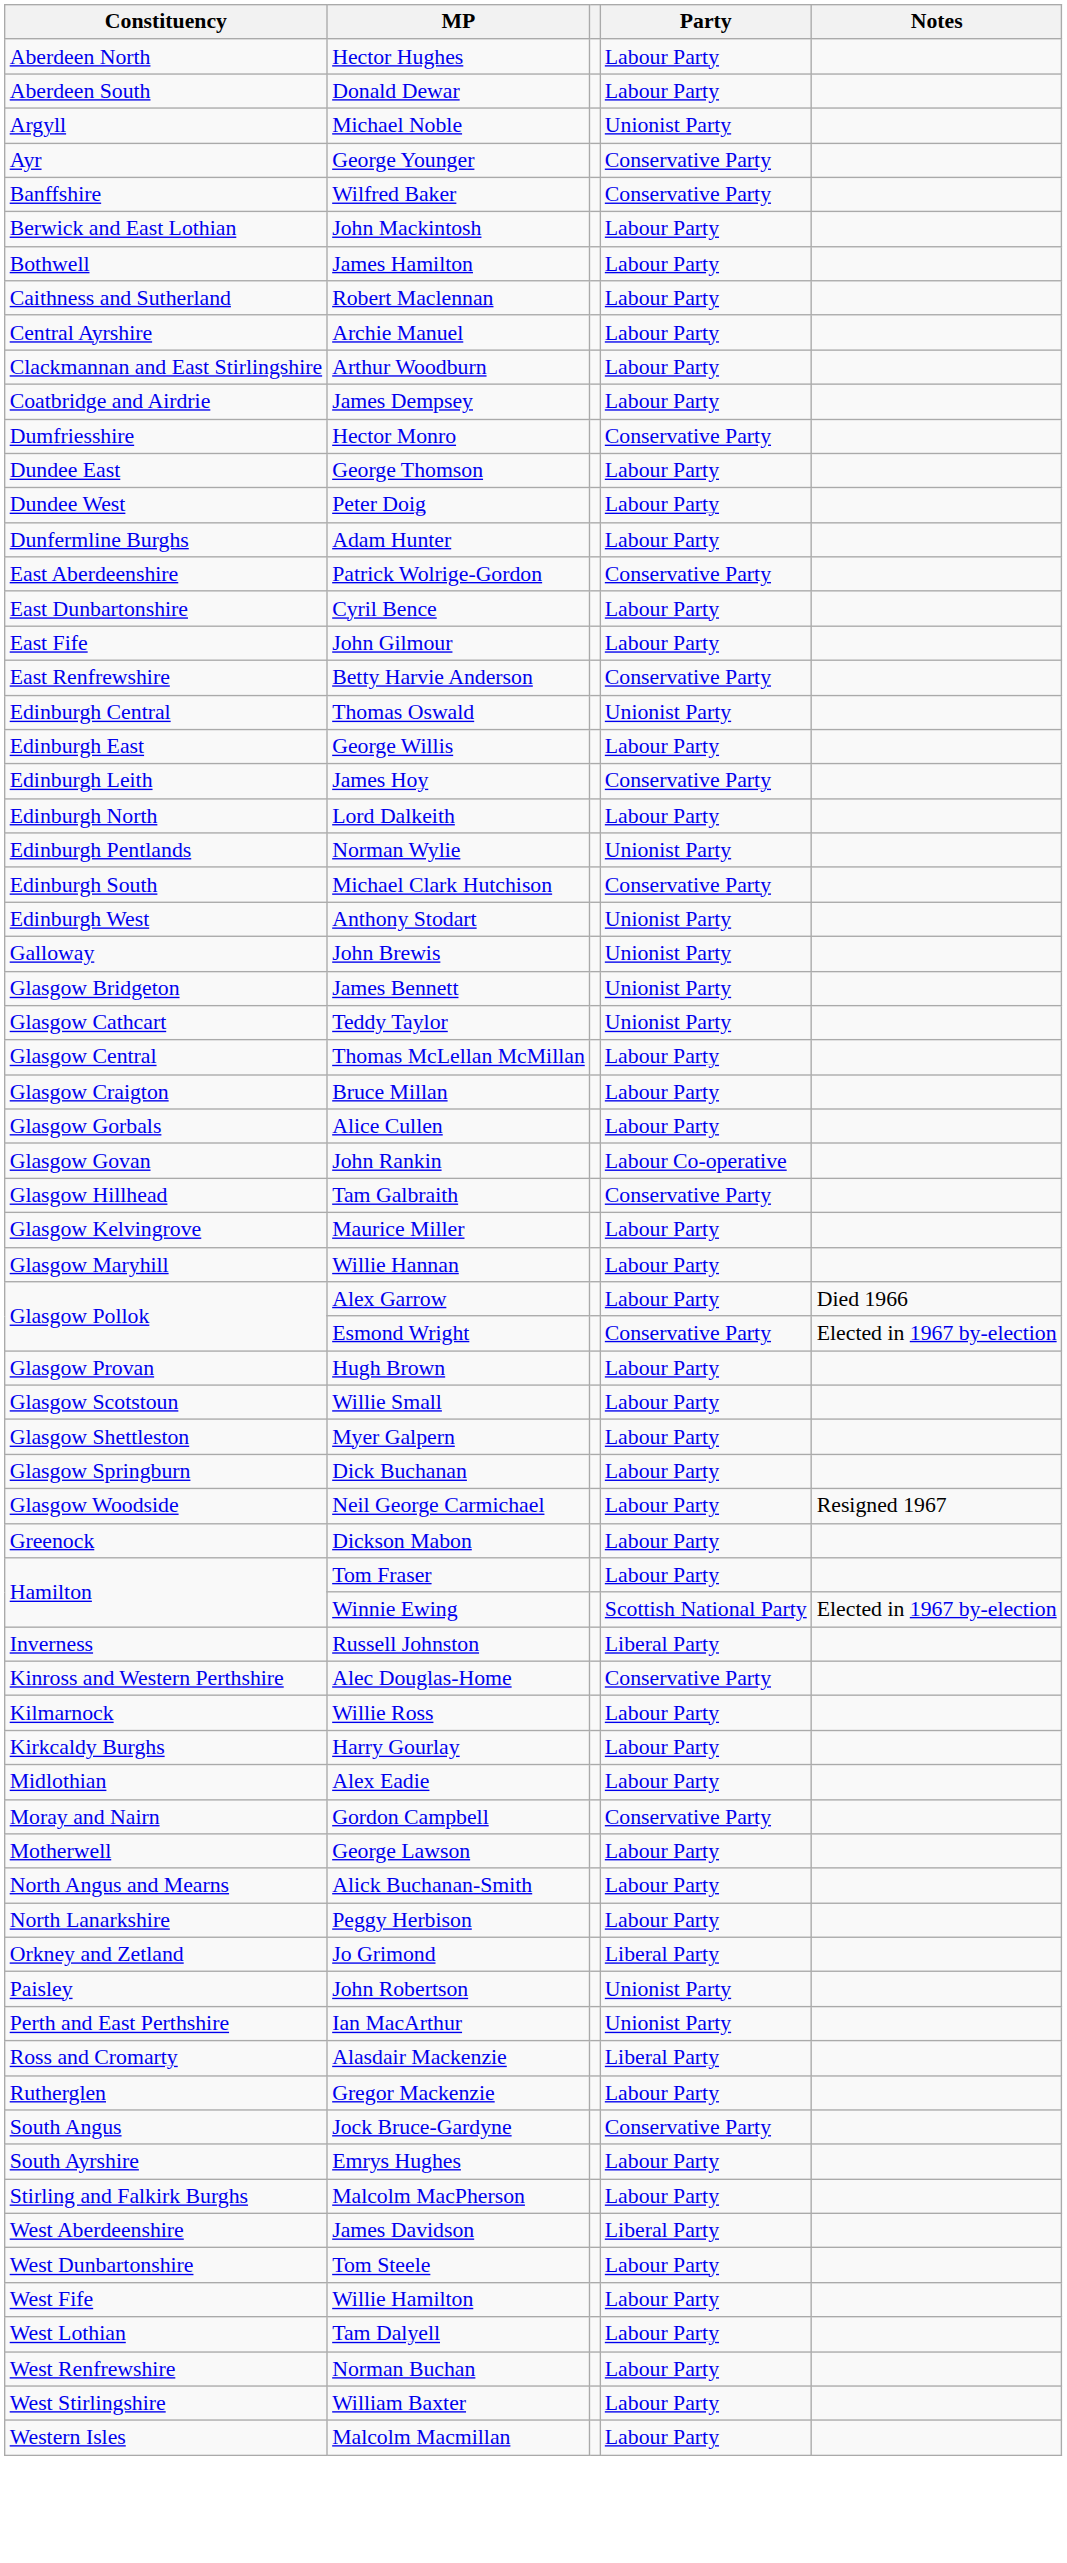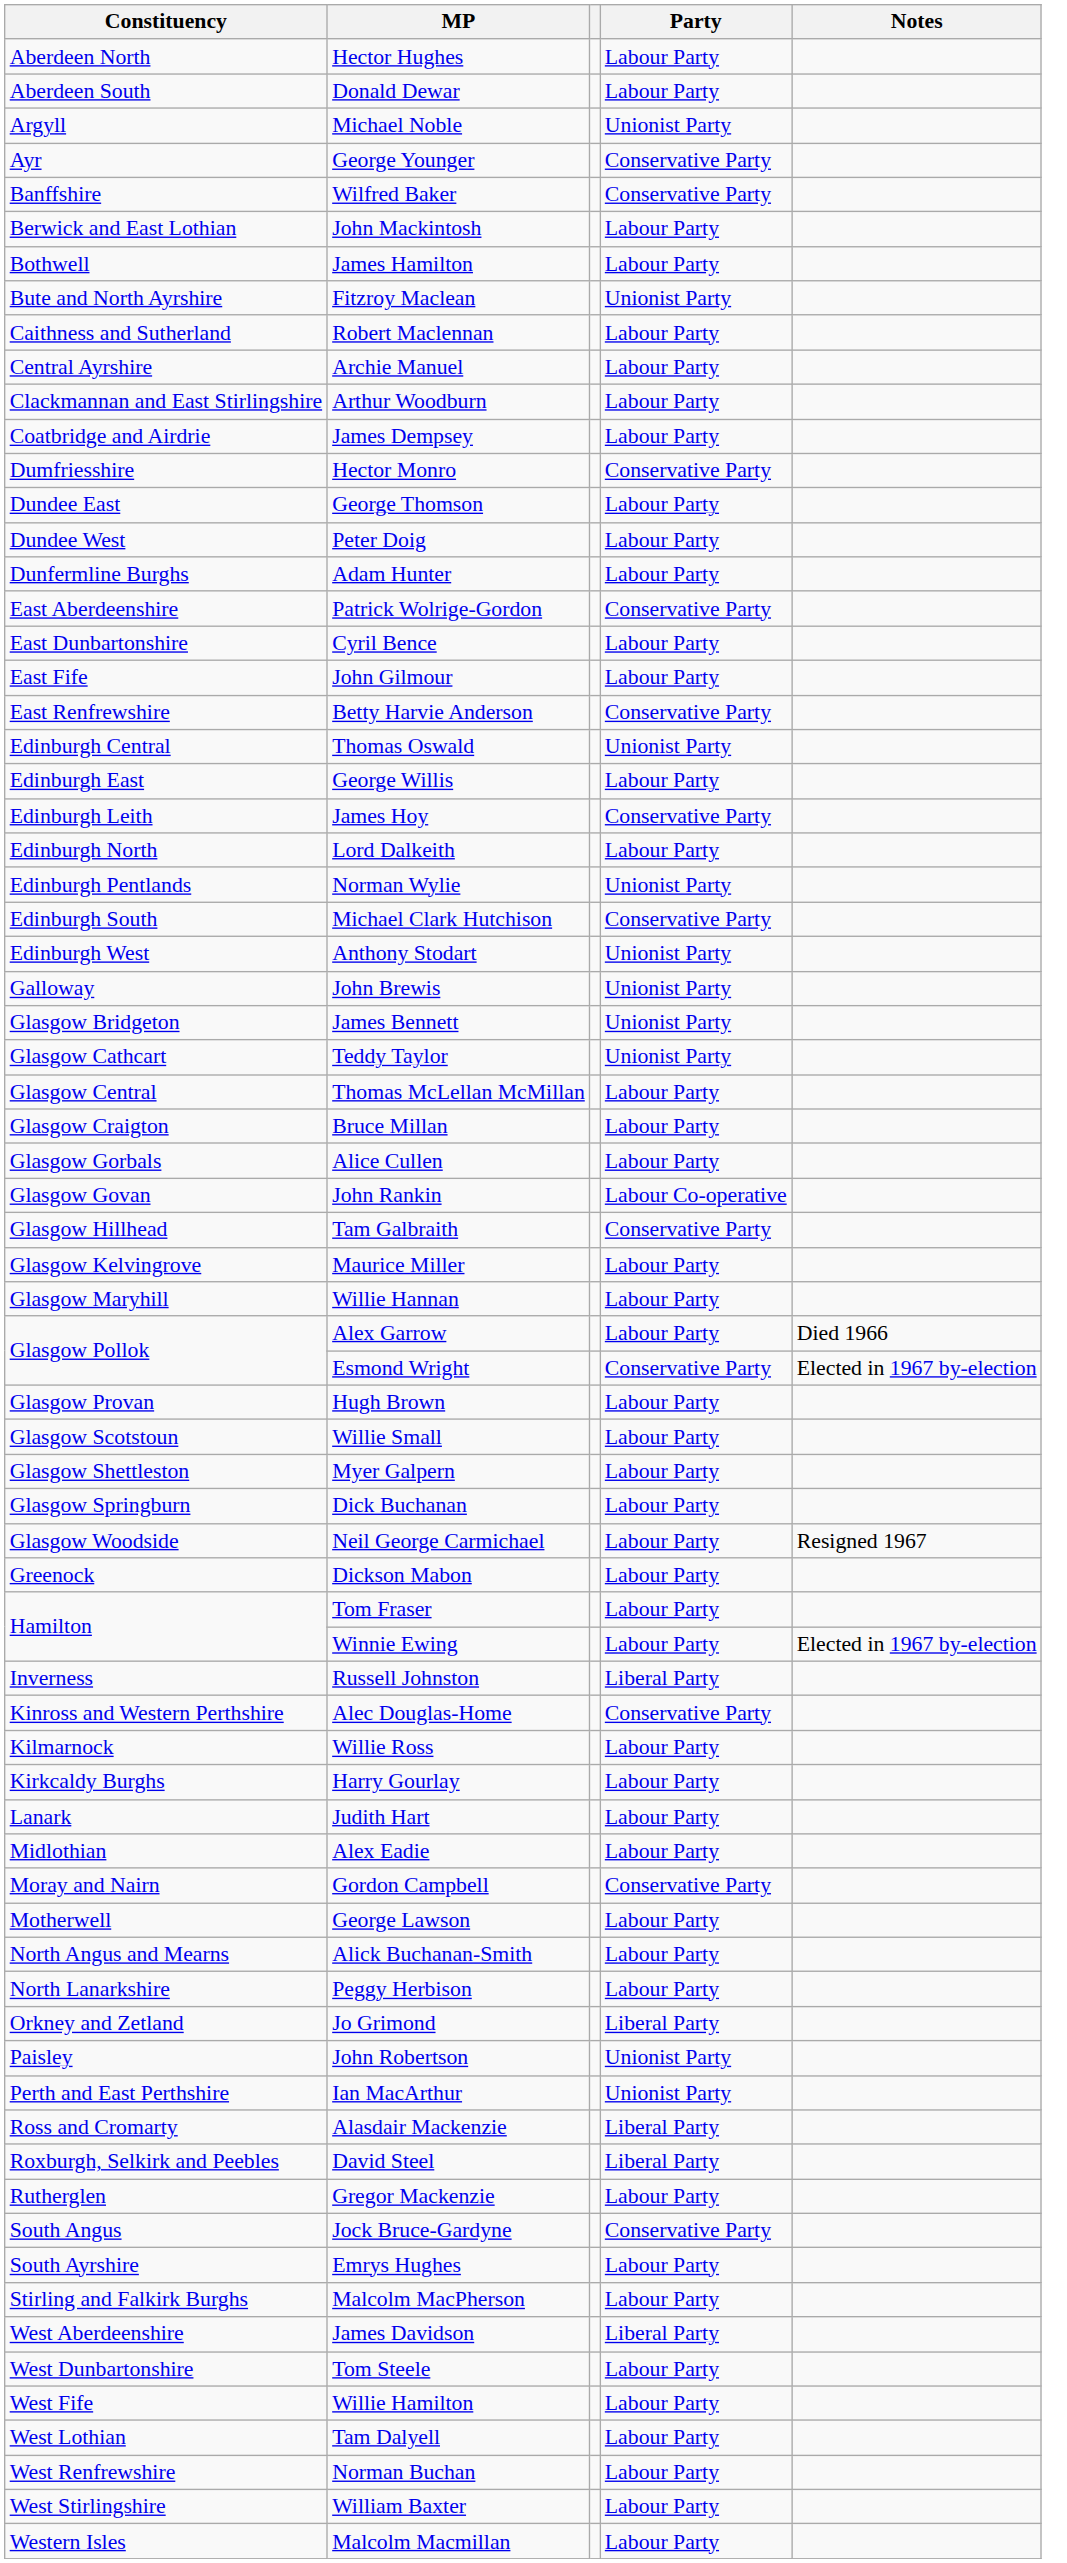 <table class="wikitable sortable">
 <tr>
 <th>Constituency</th>
 <th>MP</th>
 <th></th>
 <th>Party</th>
 <th>Notes</th>
 </tr>
 <tr>
 <td><a href='#'>Aberdeen North</a></td>
 <td><a href='#'>Hector Hughes</a></td>
 <td style="color:inherit;background:"></td>
 <td><a href='#'>Labour Party</a></td>
 <td></td>
 </tr>
 <tr>
 <td><a href='#'>Aberdeen South</a></td>
 <td><a href='#'>Donald Dewar</a></td>
 <td style="color:inherit;background:"></td>
 <td><a href='#'>Labour Party</a></td>
 <td></td>
 </tr>
 <tr>
 <td><a href='#'>Argyll</a></td>
 <td><a href='#'>Michael Noble</a></td>
 <td style="color:inherit;background-color: "></td>
 <td><a href='#'>Unionist Party</a></td>
 <td></td>
 </tr>
 <tr>
 <td><a href='#'>Ayr</a></td>
 <td><a href='#'>George Younger</a></td>
 <td style="color:inherit;background:"></td>
 <td><a href='#'>Conservative Party</a></td>
 <td></td>
 </tr>
 <tr>
 <td><a href='#'>Banffshire</a></td>
 <td><a href='#'>Wilfred Baker</a></td>
 <td style="color:inherit;background:"></td>
 <td><a href='#'>Conservative Party</a></td>
 <td></td>
 </tr>
 <tr>
 <td><a href='#'>Berwick and East Lothian</a></td>
 <td><a href='#'>John Mackintosh</a></td>
 <td style="color:inherit;background:"></td>
 <td><a href='#'>Labour Party</a></td>
 <td></td>
 </tr>
 <tr>
 <td><a href='#'>Bothwell</a></td>
 <td><a href='#'>James Hamilton</a></td>
 <td style="color:inherit;background:"></td>
 <td><a href='#'>Labour Party</a></td>
+<td></td>
+</tr>
+<tr>
+<td><a href='#'>Bute and North Ayrshire</a></td>
+<td><a href='#'>Fitzroy Maclean</a></td>
+<td style="color:inherit;background-color: "></td>
+<td><a href='#'>Unionist Party</a></td>
 <td></td>
 </tr>
 <tr>
 <td><a href='#'>Caithness and Sutherland</a></td>
 <td><a href='#'>Robert Maclennan</a></td>
 <td style="color:inherit;background:"></td>
 <td><a href='#'>Labour Party</a></td>
 <td></td>
 </tr>
 <tr>
 <td><a href='#'>Central Ayrshire</a></td>
 <td><a href='#'>Archie Manuel</a></td>
 <td style="color:inherit;background:"></td>
 <td><a href='#'>Labour Party</a></td>
 </tr>
 <tr>
 <td><a href='#'>Clackmannan and East Stirlingshire</a></td>
 <td><a href='#'>Arthur Woodburn</a></td>
 <td style="color:inherit;background:"></td>
 <td><a href='#'>Labour Party</a></td>
 <td></td>
 </tr>
 <tr>
 <td><a href='#'>Coatbridge and Airdrie</a></td>
 <td><a href='#'>James Dempsey</a></td>
 <td style="color:inherit;background:"></td>
 <td><a href='#'>Labour Party</a></td>
 <td></td>
 </tr>
 <tr>
 <td><a href='#'>Dumfriesshire</a></td>
 <td><a href='#'>Hector Monro</a></td>
 <td style="color:inherit;background:"></td>
 <td><a href='#'>Conservative Party</a></td>
 <td></td>
 </tr>
 <tr>
 <td><a href='#'>Dundee East</a></td>
 <td><a href='#'>George Thomson</a></td>
 <td style="color:inherit;background:"></td>
 <td><a href='#'>Labour Party</a></td>
 <td></td>
 </tr>
 <tr>
 <td><a href='#'>Dundee West</a></td>
 <td><a href='#'>Peter Doig</a></td>
 <td style="color:inherit;background:"></td>
 <td><a href='#'>Labour Party</a></td>
 <td></td>
 </tr>
 <tr>
 <td><a href='#'>Dunfermline Burghs</a></td>
 <td><a href='#'>Adam Hunter</a></td>
 <td style="color:inherit;background:"></td>
 <td><a href='#'>Labour Party</a></td>
 <td></td>
 </tr>
 <tr>
 <td><a href='#'>East Aberdeenshire</a></td>
 <td><a href='#'>Patrick Wolrige-Gordon</a></td>
 <td style="color:inherit;background:"></td>
 <td><a href='#'>Conservative Party</a></td>
 <td></td>
 </tr>
 <tr>
 <td><a href='#'>East Dunbartonshire</a></td>
 <td><a href='#'>Cyril Bence</a></td>
 <td style="color:inherit;background:"></td>
 <td><a href='#'>Labour Party</a></td>
 <td></td>
 </tr>
 <tr>
 <td><a href='#'>East Fife</a></td>
 <td><a href='#'>John Gilmour</a></td>
 <td style="color:inherit;background-color: "></td>
 <td><a href='#'>Labour Party</a></td>
 <td></td>
 </tr>
 <tr>
 <td><a href='#'>East Renfrewshire</a></td>
 <td><a href='#'>Betty Harvie Anderson</a></td>
 <td style="color:inherit;background:"></td>
 <td><a href='#'>Conservative Party</a></td>
 <td></td>
 </tr>
 <tr>
 <td><a href='#'>Edinburgh Central</a></td>
 <td><a href='#'>Thomas Oswald</a></td>
 <td style="color:inherit;background:"></td>
 <td><a href='#'>Unionist Party</a></td>
 <td></td>
 </tr>
 <tr>
 <td><a href='#'>Edinburgh East</a></td>
 <td><a href='#'>George Willis</a></td>
 <td style="color:inherit;background:"></td>
 <td><a href='#'>Labour Party</a></td>
 <td></td>
 </tr>
 <tr>
 <td><a href='#'>Edinburgh Leith</a></td>
 <td><a href='#'>James Hoy</a></td>
 <td style="color:inherit;background:"></td>
 <td><a href='#'>Conservative Party</a></td>
 <td></td>
 </tr>
 <tr>
 <td><a href='#'>Edinburgh North</a></td>
 <td><a href='#'>Lord Dalkeith</a></td>
 <td style="color:inherit;background-color: "></td>
 <td><a href='#'>Labour Party</a></td>
 <td></td>
 </tr>
 <tr>
 <td><a href='#'>Edinburgh Pentlands</a></td>
 <td><a href='#'>Norman Wylie</a></td>
 <td style="color:inherit;background-color: "></td>
 <td><a href='#'>Unionist Party</a></td>
 <td></td>
 </tr>
 <tr>
 <td><a href='#'>Edinburgh South</a></td>
 <td><a href='#'>Michael Clark Hutchison</a></td>
 <td style="color:inherit;background:"></td>
 <td><a href='#'>Conservative Party</a></td>
 <td></td>
 </tr>
 <tr>
 <td><a href='#'>Edinburgh West</a></td>
 <td><a href='#'>Anthony Stodart</a></td>
 <td style="color:inherit;background-color: "></td>
 <td><a href='#'>Unionist Party</a></td>
 <td></td>
 </tr>
 <tr>
 <td><a href='#'>Galloway</a></td>
 <td><a href='#'>John Brewis</a></td>
 <td style="color:inherit;background-color: "></td>
 <td><a href='#'>Unionist Party</a></td>
 <td></td>
 </tr>
 <tr>
 <td><a href='#'>Glasgow Bridgeton</a></td>
 <td><a href='#'>James Bennett</a></td>
 <td style="color:inherit;background:"></td>
 <td><a href='#'>Unionist Party</a></td>
 <td></td>
 </tr>
 <tr>
 <td><a href='#'>Glasgow Cathcart</a></td>
 <td><a href='#'>Teddy Taylor</a></td>
 <td style="color:inherit;background-color: "></td>
 <td><a href='#'>Unionist Party</a></td>
 <td></td>
 </tr>
 <tr>
 <td><a href='#'>Glasgow Central</a></td>
 <td><a href='#'>Thomas McLellan McMillan</a></td>
 <td style="color:inherit;background:"></td>
 <td><a href='#'>Labour Party</a></td>
 <td></td>
 </tr>
 <tr>
 <td><a href='#'>Glasgow Craigton</a></td>
 <td><a href='#'>Bruce Millan</a></td>
 <td style="color:inherit;background:"></td>
 <td><a href='#'>Labour Party</a></td>
 <td></td>
 </tr>
 <tr>
 <td><a href='#'>Glasgow Gorbals</a></td>
 <td><a href='#'>Alice Cullen</a></td>
 <td style="color:inherit;background:"></td>
 <td><a href='#'>Labour Party</a></td>
 <td></td>
 </tr>
 <tr>
 <td><a href='#'>Glasgow Govan</a></td>
 <td><a href='#'>John Rankin</a></td>
 <td style="color:inherit;background:"></td>
 <td><a href='#'>Labour Co-operative</a></td>
 <td></td>
 </tr>
 <tr>
 <td><a href='#'>Glasgow Hillhead</a></td>
 <td><a href='#'>Tam Galbraith</a></td>
 <td style="color:inherit;background:"></td>
 <td><a href='#'>Conservative Party</a></td>
 <td></td>
 </tr>
 <tr>
 <td><a href='#'>Glasgow Kelvingrove</a></td>
 <td><a href='#'>Maurice Miller</a></td>
 <td style="color:inherit;background:"></td>
 <td><a href='#'>Labour Party</a></td>
 <td></td>
 </tr>
 <tr>
 <td><a href='#'>Glasgow Maryhill</a></td>
 <td><a href='#'>Willie Hannan</a></td>
 <td style="color:inherit;background:"></td>
 <td><a href='#'>Labour Party</a></td>
 <td></td>
 </tr>
 <tr>
 <td rowspan="2"><a href='#'>Glasgow Pollok</a></td>
 <td><a href='#'>Alex Garrow</a></td>
 <td style="color:inherit;background:"></td>
 <td><a href='#'>Labour Party</a></td>
 <td>Died 1966</td>
 </tr>
 <tr>
 <td><a href='#'>Esmond Wright</a></td>
 <td style="color:inherit;background:"></td>
 <td><a href='#'>Conservative Party</a></td>
 <td>Elected in <a href='#'>1967 by-election</a></td>
 </tr>
 <tr>
 <td><a href='#'>Glasgow Provan</a></td>
 <td><a href='#'>Hugh Brown</a></td>
 <td style="color:inherit;background:"></td>
 <td><a href='#'>Labour Party</a></td>
 <td></td>
 </tr>
 <tr>
 <td><a href='#'>Glasgow Scotstoun</a></td>
 <td><a href='#'>Willie Small</a></td>
 <td style="color:inherit;background:"></td>
 <td><a href='#'>Labour Party</a></td>
 <td></td>
 </tr>
 <tr>
 <td><a href='#'>Glasgow Shettleston</a></td>
 <td><a href='#'>Myer Galpern</a></td>
 <td style="color:inherit;background:"></td>
 <td><a href='#'>Labour Party</a></td>
 <td></td>
 </tr>
 <tr>
 <td><a href='#'>Glasgow Springburn</a></td>
 <td><a href='#'>Dick Buchanan</a></td>
 <td style="color:inherit;background:"></td>
 <td><a href='#'>Labour Party</a></td>
 <td></td>
 </tr>
 <tr>
 <td><a href='#'>Glasgow Woodside</a></td>
 <td><a href='#'>Neil George Carmichael</a></td>
 <td style="color:inherit;background:"></td>
 <td><a href='#'>Labour Party</a></td>
 <td>Resigned 1967</td>
 </tr>
 <tr>
 <td><a href='#'>Greenock</a></td>
 <td><a href='#'>Dickson Mabon</a></td>
 <td style="color:inherit;background:"></td>
 <td><a href='#'>Labour Party</a></td>
 <td></td>
 </tr>
 <tr>
 <td rowspan="2"><a href='#'>Hamilton</a></td>
 <td><a href='#'>Tom Fraser</a></td>
 <td style="color:inherit;background:"></td>
 <td><a href='#'>Labour Party</a></td>
 <td></td>
 </tr>
 <tr>
 <td><a href='#'>Winnie Ewing</a></td>
 <td style="color:inherit;background-color: "></td>
-<td><a href='#'>Scottish National Party</a></td>
+<td><a href='#'>Labour Party</a></td>
 <td>Elected in <a href='#'>1967 by-election</a></td>
 </tr>
 <tr>
 <td><a href='#'>Inverness</a></td>
 <td><a href='#'>Russell Johnston</a></td>
 <td style="background-color: "></td>
 <td><a href='#'>Liberal Party</a></td>
 <td></td>
 </tr>
 <tr>
 <td><a href='#'>Kinross and Western Perthshire</a></td>
 <td><a href='#'>Alec Douglas-Home</a></td>
 <td style="color:inherit;background:"></td>
 <td><a href='#'>Conservative Party</a></td>
 <td></td>
 </tr>
 <tr>
 <td><a href='#'>Kilmarnock</a></td>
 <td><a href='#'>Willie Ross</a></td>
 <td style="color:inherit;background:"></td>
 <td><a href='#'>Labour Party</a></td>
 <td></td>
 </tr>
 <tr>
 <td><a href='#'>Kirkcaldy Burghs</a></td>
 <td><a href='#'>Harry Gourlay</a></td>
+<td style="color:inherit;background:"></td>
+<td><a href='#'>Labour Party</a></td>
+<td></td>
+</tr>
+<tr>
+<td><a href='#'>Lanark</a></td>
+<td><a href='#'>Judith Hart</a></td>
 <td style="color:inherit;background:"></td>
 <td><a href='#'>Labour Party</a></td>
 <td></td>
 </tr>
 <tr>
 <td><a href='#'>Midlothian</a></td>
 <td><a href='#'>Alex Eadie</a></td>
 <td style="color:inherit;background:"></td>
 <td><a href='#'>Labour Party</a></td>
 <td></td>
 </tr>
 <tr>
 <td><a href='#'>Moray and Nairn</a></td>
 <td><a href='#'>Gordon Campbell</a></td>
 <td style="color:inherit;background:"></td>
 <td><a href='#'>Conservative Party</a></td>
 <td></td>
 </tr>
 <tr>
 <td><a href='#'>Motherwell</a></td>
 <td><a href='#'>George Lawson</a></td>
 <td style="color:inherit;background:"></td>
 <td><a href='#'>Labour Party</a></td>
 <td></td>
 </tr>
 <tr>
 <td><a href='#'>North Angus and Mearns</a></td>
 <td><a href='#'>Alick Buchanan-Smith</a></td>
 <td style="color:inherit;background:"></td>
 <td><a href='#'>Labour Party</a></td>
 <td></td>
 </tr>
 <tr>
 <td><a href='#'>North Lanarkshire</a></td>
 <td><a href='#'>Peggy Herbison</a></td>
 <td style="color:inherit;background:"></td>
 <td><a href='#'>Labour Party</a></td>
 <td></td>
 </tr>
 <tr>
 <td><a href='#'>Orkney and Zetland</a></td>
 <td><a href='#'>Jo Grimond</a></td>
 <td style="background-color: "></td>
 <td><a href='#'>Liberal Party</a></td>
 <td></td>
 </tr>
 <tr>
 <td><a href='#'>Paisley</a></td>
 <td><a href='#'>John Robertson</a></td>
 <td style="color:inherit;background:"></td>
 <td><a href='#'>Unionist Party</a></td>
 <td></td>
 </tr>
 <tr>
 <td><a href='#'>Perth and East Perthshire</a></td>
 <td><a href='#'>Ian MacArthur</a></td>
 <td style="color:inherit;background-color: "></td>
 <td><a href='#'>Unionist Party</a></td>
 <td></td>
 </tr>
 <tr>
 <td><a href='#'>Ross and Cromarty</a></td>
 <td><a href='#'>Alasdair Mackenzie</a></td>
+<td style="background-color: "></td>
+<td><a href='#'>Liberal Party</a></td>
+<td></td>
+</tr>
+<tr>
+<td><a href='#'>Roxburgh, Selkirk and Peebles</a></td>
+<td><a href='#'>David Steel</a></td>
 <td style="background-color: "></td>
 <td><a href='#'>Liberal Party</a></td>
 <td></td>
 </tr>
 <tr>
 <td><a href='#'>Rutherglen</a></td>
 <td><a href='#'>Gregor Mackenzie</a></td>
 <td style="color:inherit;background:"></td>
 <td><a href='#'>Labour Party</a></td>
 <td></td>
 </tr>
 <tr>
 <td><a href='#'>South Angus</a></td>
 <td><a href='#'>Jock Bruce-Gardyne</a></td>
 <td style="color:inherit;background:"></td>
 <td><a href='#'>Conservative Party</a></td>
 <td></td>
 </tr>
 <tr>
 <td><a href='#'>South Ayrshire</a></td>
 <td><a href='#'>Emrys Hughes</a></td>
 <td style="color:inherit;background:"></td>
 <td><a href='#'>Labour Party</a></td>
 <td></td>
 </tr>
 <tr>
 <td><a href='#'>Stirling and Falkirk Burghs</a></td>
 <td><a href='#'>Malcolm MacPherson</a></td>
 <td style="color:inherit;background:"></td>
 <td><a href='#'>Labour Party</a></td>
 <td></td>
 </tr>
 <tr>
 <td><a href='#'>West Aberdeenshire</a></td>
 <td><a href='#'>James Davidson</a></td>
 <td style="background-color: "></td>
 <td><a href='#'>Liberal Party</a></td>
 <td></td>
 </tr>
 <tr>
 <td><a href='#'>West Dunbartonshire</a></td>
 <td><a href='#'>Tom Steele</a></td>
 <td style="color:inherit;background:"></td>
 <td><a href='#'>Labour Party</a></td>
 <td></td>
 </tr>
 <tr>
 <td><a href='#'>West Fife</a></td>
 <td><a href='#'>Willie Hamilton</a></td>
 <td style="color:inherit;background:"></td>
 <td><a href='#'>Labour Party</a></td>
 <td></td>
 </tr>
 <tr>
 <td><a href='#'>West Lothian</a></td>
 <td><a href='#'>Tam Dalyell</a></td>
 <td style="color:inherit;background:"></td>
 <td><a href='#'>Labour Party</a></td>
 <td></td>
 </tr>
 <tr>
 <td><a href='#'>West Renfrewshire</a></td>
 <td><a href='#'>Norman Buchan</a></td>
 <td style="color:inherit;background:"></td>
 <td><a href='#'>Labour Party</a></td>
 <td></td>
 </tr>
 <tr>
 <td><a href='#'>West Stirlingshire</a></td>
 <td><a href='#'>William Baxter</a></td>
 <td style="color:inherit;background:"></td>
 <td><a href='#'>Labour Party</a></td>
 <td></td>
 </tr>
 <tr>
 <td><a href='#'>Western Isles</a></td>
 <td><a href='#'>Malcolm Macmillan</a></td>
 <td style="color:inherit;background:"></td>
 <td><a href='#'>Labour Party</a></td>
 <td></td>
 </tr>
 </table>
